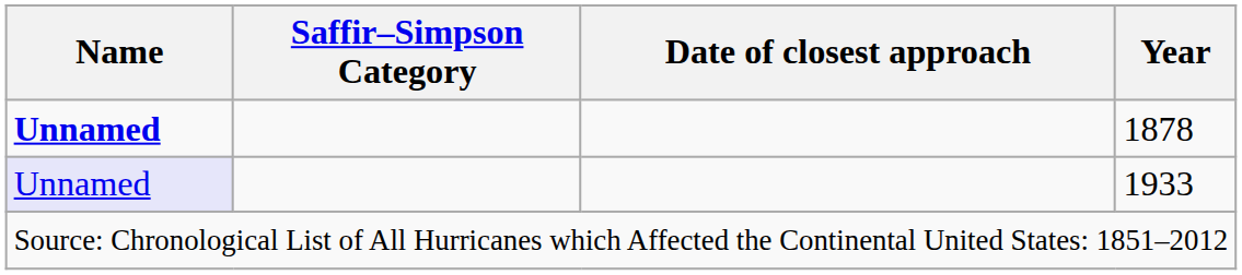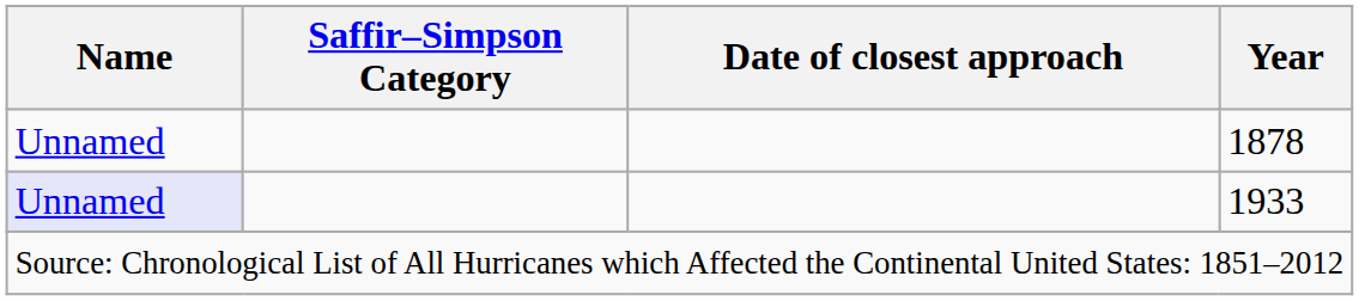 <table class = "wikitable" style="margin:1em auto;">
 <tr>
 <th>Name</th>
 <th><a href='#'>Saffir–Simpson</a><br>Category</th>
 <th>Date of closest approach</th>
 <th>Year</th>
 </tr>
 <tr>
-<td><strong><a href='#'>Unnamed</a></strong></td>
+<td><a href='#'>Unnamed</a></td>
 <td></td>
 <td></td>
 <td>1878</td>
 </tr>
 <tr>
 <td style="background: lavender;"><a href='#'>Unnamed</a></td>
 <td></td>
 <td></td>
 <td>1933</td>
 </tr>
 <tr>
 <td colspan="9"><small>Source: Chronological List of All Hurricanes which Affected the Continental United States: 1851–2012</small></td>
 </tr>
 </table>
